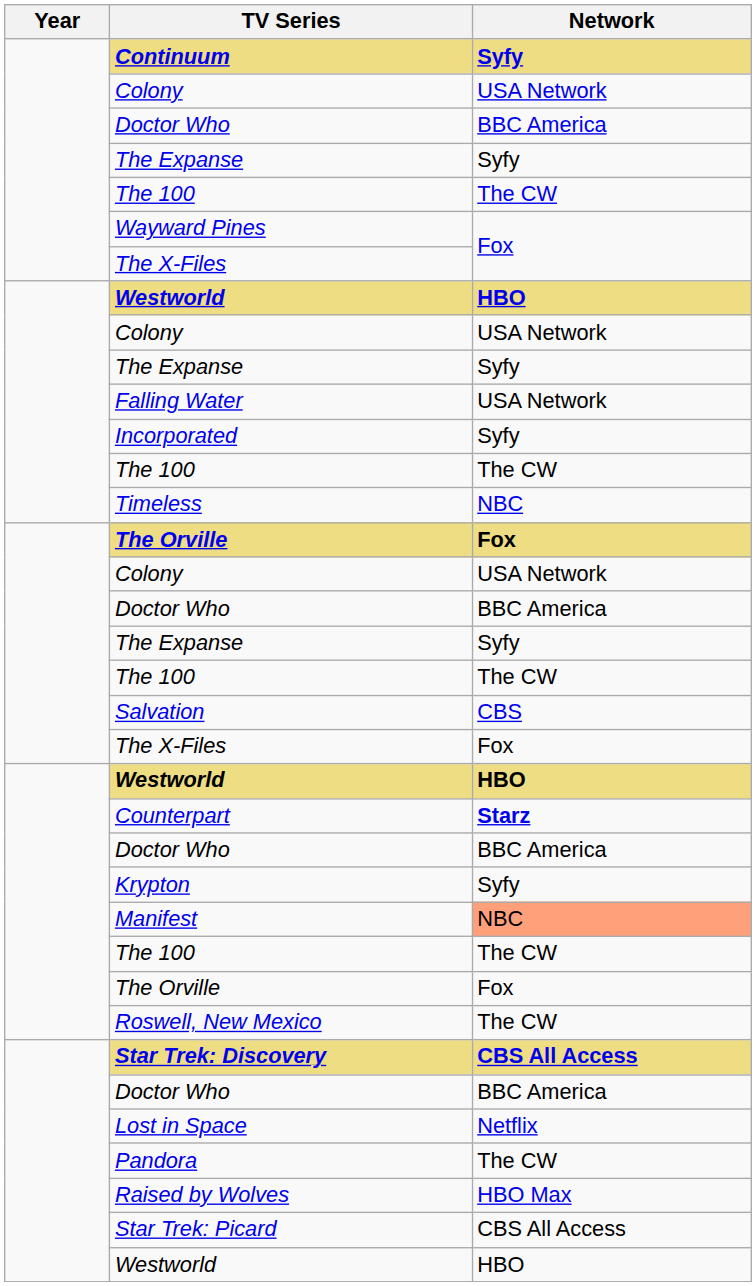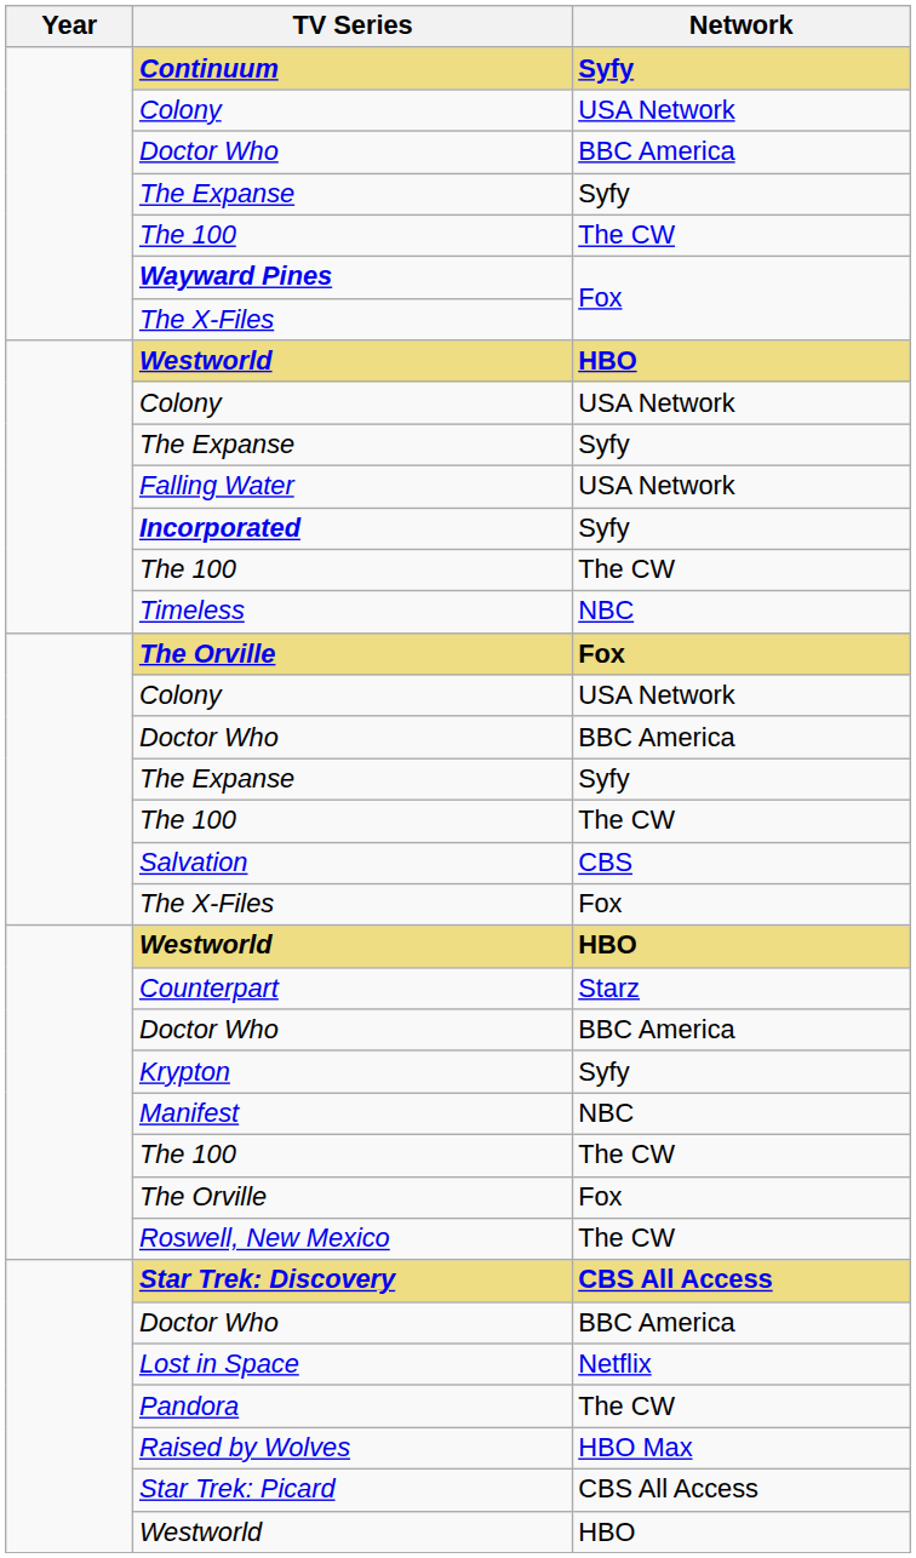 <table class="wikitable" width="550px" border="1" cellpadding="5" cellspacing="0" align="centre">
 <tr>
 <th width="70px">Year</th>
 <th>TV Series</th>
 <th>Network</th>
 </tr>
 <tr>
 <td rowspan="7"></td>
 <td style="background:#EEDD82"><strong><em><a href='#'>Continuum</a></em></strong></td>
 <td style="background:#EEDD82"><strong><a href='#'>Syfy</a></strong></td>
 </tr>
 <tr>
 <td><em><a href='#'>Colony</a></em></td>
 <td><a href='#'>USA Network</a></td>
 </tr>
 <tr>
 <td><em><a href='#'>Doctor Who</a></em></td>
 <td><a href='#'>BBC America</a></td>
 </tr>
 <tr>
 <td><em><a href='#'>The Expanse</a></em></td>
 <td>Syfy</td>
 </tr>
 <tr>
 <td><em><a href='#'>The 100</a></em></td>
 <td><a href='#'>The CW</a></td>
 </tr>
 <tr>
-<td><em><a href='#'>Wayward Pines</a></em></td>
+<td><strong><em><a href='#'>Wayward Pines</a></em></strong></td>
 <td rowspan="2"><a href='#'>Fox</a></td>
 </tr>
 <tr>
 <td><em><a href='#'>The X-Files</a></em></td>
 </tr>
 <tr>
 <td rowspan="7"></td>
 <td style="background:#EEDD82"><strong><em><a href='#'>Westworld</a></em></strong></td>
 <td style="background:#EEDD82"><strong><a href='#'>HBO</a></strong></td>
 </tr>
 <tr>
 <td><em>Colony</em></td>
 <td>USA Network</td>
 </tr>
 <tr>
 <td><em>The Expanse</em></td>
 <td>Syfy</td>
 </tr>
 <tr>
 <td><em><a href='#'>Falling Water</a></em></td>
 <td>USA Network</td>
 </tr>
 <tr>
-<td><em><a href='#'>Incorporated</a></em></td>
+<td><strong><em><a href='#'>Incorporated</a></em></strong></td>
 <td>Syfy</td>
 </tr>
 <tr>
 <td><em>The 100</em></td>
 <td>The CW</td>
 </tr>
 <tr>
 <td><em><a href='#'>Timeless</a></em></td>
 <td><a href='#'>NBC</a></td>
 </tr>
 <tr>
 <td rowspan="7"></td>
 <td style="background:#EEDD82"><strong><em><a href='#'>The Orville</a></em></strong></td>
 <td style="background:#EEDD82"><strong>Fox</strong></td>
 </tr>
 <tr>
 <td><em>Colony</em></td>
 <td>USA Network</td>
 </tr>
 <tr>
 <td><em>Doctor Who</em></td>
 <td>BBC America</td>
 </tr>
 <tr>
 <td><em>The Expanse</em></td>
 <td>Syfy</td>
 </tr>
 <tr>
 <td><em>The 100</em></td>
 <td>The CW</td>
 </tr>
 <tr>
 <td><em><a href='#'>Salvation</a></em></td>
 <td><a href='#'>CBS</a></td>
 </tr>
 <tr>
 <td><em>The X-Files</em></td>
 <td>Fox</td>
 </tr>
 <tr>
 <td rowspan="8"></td>
 <td style="background:#EEDD82"><strong><em>Westworld</em></strong></td>
 <td style="background:#EEDD82"><strong>HBO</strong></td>
 </tr>
 <tr>
 <td><em><a href='#'>Counterpart</a></em></td>
-<td><strong><a href='#'>Starz</a></strong></td>
+<td><a href='#'>Starz</a></td>
 </tr>
 <tr>
 <td><em>Doctor Who</em></td>
 <td>BBC America</td>
 </tr>
 <tr>
 <td><em><a href='#'>Krypton</a></em></td>
 <td>Syfy</td>
 </tr>
 <tr>
 <td><em><a href='#'>Manifest</a></em></td>
-<td style="background: lightsalmon;">NBC</td>
+<td>NBC</td>
 </tr>
 <tr>
 <td><em>The 100</em></td>
 <td>The CW</td>
 </tr>
 <tr>
 <td><em>The Orville</em></td>
 <td>Fox</td>
 </tr>
 <tr>
 <td><em><a href='#'>Roswell, New Mexico</a></em></td>
 <td>The CW</td>
 </tr>
 <tr>
 <td rowspan="7"></td>
 <td style="background:#EEDD82"><strong><em><a href='#'>Star Trek: Discovery</a></em></strong></td>
 <td style="background:#EEDD82"><strong><a href='#'>CBS All Access</a></strong></td>
 </tr>
 <tr>
 <td><em>Doctor Who</em></td>
 <td>BBC America</td>
 </tr>
 <tr>
 <td><em><a href='#'>Lost in Space</a></em></td>
 <td><a href='#'>Netflix</a></td>
 </tr>
 <tr>
 <td><em><a href='#'>Pandora</a></em></td>
 <td>The CW</td>
 </tr>
 <tr>
 <td><em><a href='#'>Raised by Wolves</a></em></td>
 <td><a href='#'>HBO Max</a></td>
 </tr>
 <tr>
 <td><em><a href='#'>Star Trek: Picard</a></em></td>
 <td>CBS All Access</td>
 </tr>
 <tr>
 <td><em>Westworld</em></td>
 <td>HBO</td>
 </tr>
 </table>
